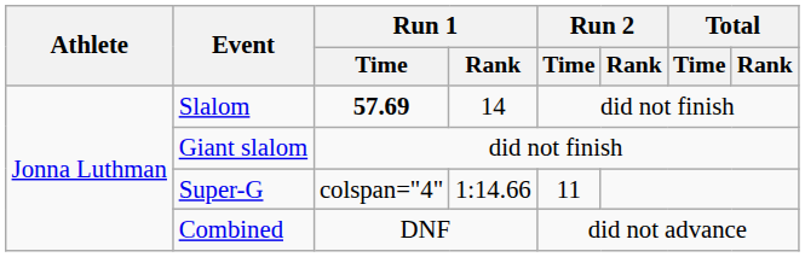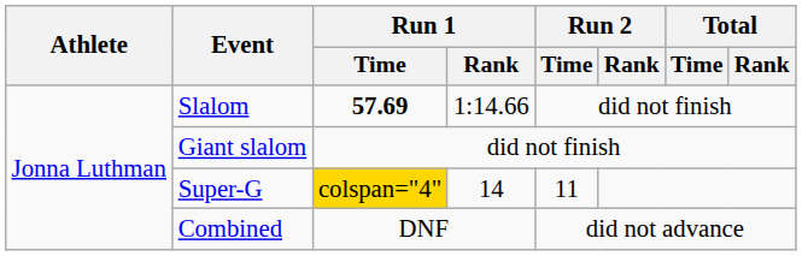 <table class="wikitable" style="font-size:90%">
 <tr>
 <th rowspan=2>Athlete</th>
 <th rowspan=2>Event</th>
 <th colspan=2>Run 1</th>
 <th colspan=2>Run 2</th>
 <th colspan=2>Total</th>
 </tr>
 <tr style="font-size:95%">
 <th>Time</th>
 <th>Rank</th>
 <th>Time</th>
 <th>Rank</th>
 <th>Time</th>
 <th>Rank</th>
 </tr>
 <tr align=center>
 <td align="left" rowspan="4"><a href='#'>Jonna Luthman</a></td>
 <td align="left"><a href='#'>Slalom</a></td>
 <td><strong>57.69</strong></td>
-<td>14</td>
+<td>1:14.66</td>
 <td colspan=4>did not finish</td>
 </tr>
 <tr align=center>
 <td align="left"><a href='#'>Giant slalom</a></td>
 <td colspan="6">did not finish</td>
 </tr>
 <tr align=center>
 <td align="left"><a href='#'>Super-G</a></td>
-<td>colspan="4" </td>
-<td>1:14.66</td>
+<td style="background: gold;">colspan="4" </td>
+<td>14</td>
 <td>11</td>
 </tr>
 <tr align=center>
 <td align="left"><a href='#'>Combined</a></td>
 <td colspan=2>DNF</td>
 <td colspan=4>did not advance</td>
 </tr>
 </table>
